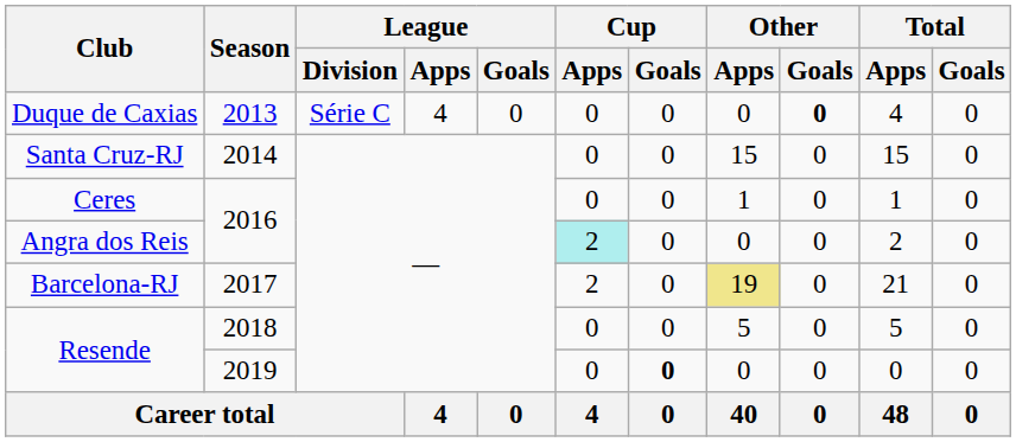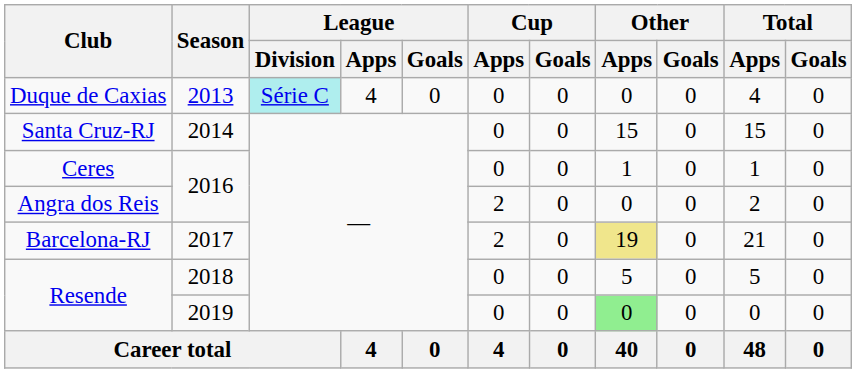 <table class="wikitable" style="text-align: center">
 <tr>
 <th rowspan="2">Club</th>
 <th rowspan="2">Season</th>
 <th colspan="3">League</th>
 <th colspan="2">Cup</th>
 <th colspan="2">Other</th>
 <th colspan="2">Total</th>
 </tr>
 <tr>
 <th>Division</th>
 <th>Apps</th>
 <th>Goals</th>
 <th>Apps</th>
 <th>Goals</th>
 <th>Apps</th>
 <th>Goals</th>
 <th>Apps</th>
 <th>Goals</th>
 </tr>
 <tr>
 <td><a href='#'>Duque de Caxias</a></td>
 <td><a href='#'>2013</a></td>
-<td><a href='#'>Série C</a></td>
+<td style="background: paleturquoise;"><a href='#'>Série C</a></td>
 <td>4</td>
 <td>0</td>
 <td>0</td>
 <td>0</td>
 <td>0</td>
-<td><strong>0</strong></td>
+<td>0</td>
 <td>4</td>
 <td>0</td>
 </tr>
 <tr>
 <td><a href='#'>Santa Cruz-RJ</a></td>
 <td>2014</td>
 <td colspan="3" rowspan="6">—</td>
 <td>0</td>
 <td>0</td>
 <td>15</td>
 <td>0</td>
 <td>15</td>
 <td>0</td>
 </tr>
 <tr>
 <td><a href='#'>Ceres</a></td>
 <td rowspan="2">2016</td>
 <td>0</td>
 <td>0</td>
 <td>1</td>
 <td>0</td>
 <td>1</td>
 <td>0</td>
 </tr>
 <tr>
 <td><a href='#'>Angra dos Reis</a></td>
-<td style="background: paleturquoise;">2</td>
+<td>2</td>
 <td>0</td>
 <td>0</td>
 <td>0</td>
 <td>2</td>
 <td>0</td>
 </tr>
 <tr>
 <td><a href='#'>Barcelona-RJ</a></td>
 <td>2017</td>
 <td>2</td>
 <td>0</td>
 <td style="background: khaki;">19</td>
 <td>0</td>
 <td>21</td>
 <td>0</td>
 </tr>
 <tr>
 <td rowspan="2"><a href='#'>Resende</a></td>
 <td>2018</td>
 <td>0</td>
 <td>0</td>
 <td>5</td>
 <td>0</td>
 <td>5</td>
 <td>0</td>
 </tr>
 <tr>
 <td>2019</td>
 <td>0</td>
-<td><strong>0</strong></td>
 <td>0</td>
+<td style="background: lightgreen;">0</td>
 <td>0</td>
 <td>0</td>
 <td>0</td>
 </tr>
 <tr>
 <th colspan="3"><strong>Career total</strong></th>
 <th>4</th>
 <th>0</th>
 <th>4</th>
 <th>0</th>
 <th>40</th>
 <th>0</th>
 <th>48</th>
 <th>0</th>
 </tr>
 </table>
